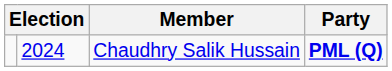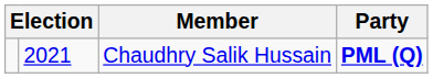 <table class="wikitable">
 <tr>
 <th colspan="2">Election</th>
 <th>Member</th>
 <th>Party</th>
 </tr>
 <tr>
 <td style="background-color: "></td>
-<td><a href='#'>2024</a></td>
+<td><a href='#'>2021</a></td>
 <td><a href='#'>Chaudhry Salik Hussain</a></td>
 <td><strong><a href='#'>PML (Q)</a></strong></td>
 </tr>
 </table>
